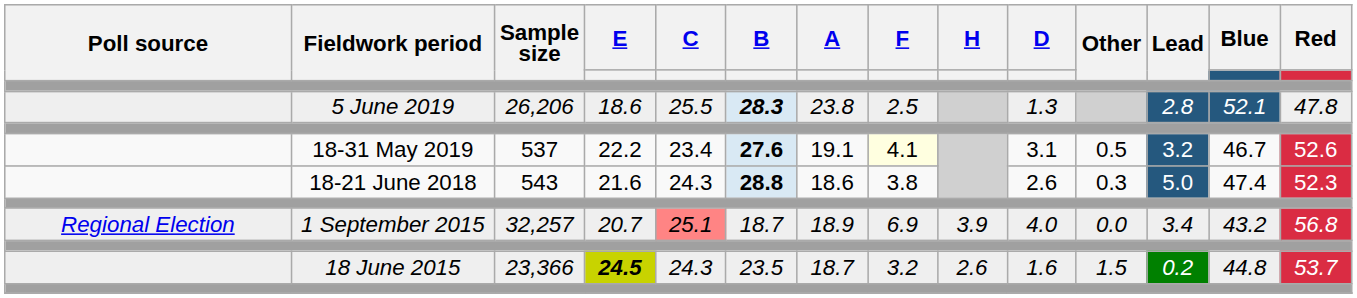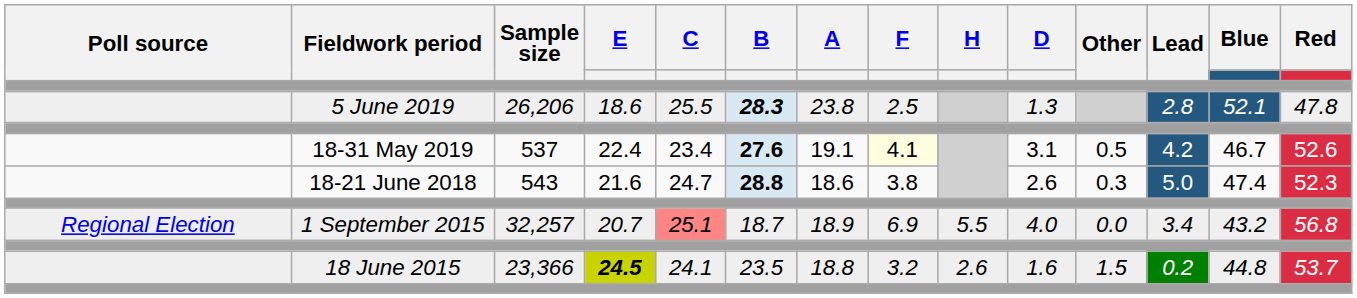 <table class="wikitable sortable" style="text-align:center;font-size:90%;line-height:14px;">
 <tr style="height:42px;">
 <th style="width:190px;" rowspan="2">Poll source</th>
 <th style="width:130px;" rowspan="2">Fieldwork period</th>
 <th style="width:50px;" rowspan="2">Sample size</th>
 <th style="width:40px;"><a href='#'>E</a></th>
 <th style="width:40px;"><a href='#'>C</a></th>
 <th style="width:40px;"><a href='#'>B</a></th>
 <th style="width:40px;"><a href='#'>A</a></th>
 <th style="width:40px;"><a href='#'>F</a></th>
 <th style="width:40px;"><a href='#'>H</a></th>
 <th style="width:40px;"><a href='#'>D</a></th>
 <th style="width:30px;" rowspan="2">Other</th>
 <th style="width:30px;" rowspan="2">Lead</th>
 <th style="width:30px;">Blue</th>
 <th style="width:30px;">Red</th>
 </tr>
 <tr>
 <th style="color:inherit;background:"></th>
 <th style="color:inherit;background:"></th>
 <th style="color:inherit;background:"></th>
 <th style="color:inherit;background:"></th>
 <th style="color:inherit;background:"></th>
 <th style="color:inherit;background:"></th>
 <th style="color:inherit;background:"></th>
 <th style="background:#25587E; width:40px;"></th>
 <th style="background:#DA2C43; width:40px;"></th>
 </tr>
 <tr>
 <td colspan="15" style="background:#A0A0A0"></td>
 </tr>
 <tr style="background:#EFEFEF;">
 <td><em></em></td>
 <td data-sort-value="2019-06-05"><em>5 June 2019</em></td>
 <td><em>26,206</em></td>
 <td><em>18.6</em></td>
 <td><em>25.5</em></td>
 <td align="center" style="background:#D9E9F4"><strong><em>28.3</em></strong></td>
 <td><em>23.8</em></td>
 <td><em>2.5</em></td>
 <td style="background:#D0D0D0; width:1px;"></td>
 <td><em>1.3</em></td>
 <td style="background:#D0D0D0; width:1px;"></td>
 <td style="background:#25587E; color:white;"><em>2.8</em></td>
 <td style="background:#25587E; color:white;"><em>52.1</em></td>
 <td><em>47.8</em></td>
 </tr>
 <tr>
 <td colspan="15" style="background:#A0A0A0"></td>
 </tr>
 <tr>
 <td></td>
 <td data-sort-value="2019-05-31">18-31 May 2019</td>
 <td>537</td>
-<td>22.2</td>
+<td>22.4</td>
 <td>23.4</td>
 <td align="center" style="background:#D9E9F4"><strong>27.6</strong></td>
 <td>19.1</td>
 <td style="background: lightyellow;">4.1</td>
 <td rowspan="2" style="background:#D0D0D0; width:1px;"></td>
 <td>3.1</td>
 <td>0.5</td>
-<td style="background:#25587E; color:white;">3.2</td>
+<td style="background:#25587E; color:white;">4.2</td>
 <td>46.7</td>
 <td style="background:#DA2C43; color:white">52.6</td>
 </tr>
 <tr>
 <td></td>
 <td data-sort-value="2018-06-21">18-21 June 2018</td>
 <td>543</td>
 <td>21.6</td>
-<td>24.3</td>
+<td>24.7</td>
 <td align="center" style="background:#D9E9F4"><strong>28.8</strong></td>
 <td>18.6</td>
 <td>3.8</td>
 <td>2.6</td>
 <td>0.3</td>
 <td style="background:#25587E; color:white;">5.0</td>
 <td>47.4</td>
 <td style="background:#DA2C43; color:white">52.3</td>
 </tr>
 <tr>
 <td colspan="15" style="background:#A0A0A0"></td>
 </tr>
 <tr style="background:#EFEFEF;">
 <td><em><a href='#'>Regional Election</a></em></td>
 <td><em>1 September 2015</em></td>
 <td><em>32,257</em></td>
 <td><em>20.7</em></td>
 <td style="background:#ff8484"><em>25.1</em></td>
 <td><em>18.7</em></td>
 <td><em>18.9</em></td>
 <td><em>6.9</em></td>
-<td><em>3.9</em></td>
+<td><em>5.5</em></td>
 <td><em>4.0</em></td>
 <td><em>0.0</em></td>
 <td style="background:"><em>3.4</em></td>
 <td><em>43.2</em></td>
 <td style="background:#DA2C43; color:white"><em>56.8</em></td>
 </tr>
 <tr>
 <td colspan="15" style="background:#A0A0A0"></td>
 </tr>
 <tr style="background:#EFEFEF;">
 <td><em></em></td>
 <td><em>18 June 2015</em></td>
 <td><em>23,366</em></td>
 <td align="center" style="background:#C8D300"><strong><em>24.5</em></strong></td>
-<td><em>24.3</em></td>
+<td><em>24.1</em></td>
 <td><em>23.5</em></td>
-<td><em>18.7</em></td>
+<td><em>18.8</em></td>
 <td><em>3.2</em></td>
 <td><em>2.6</em></td>
 <td><em>1.6</em></td>
 <td><em>1.5</em></td>
 <td style="background:#008000; color:white;"><em>0.2</em></td>
 <td><em>44.8</em></td>
 <td style="background:#DA2C43; color:white"><em>53.7</em></td>
 </tr>
 <tr>
 <td colspan="15" style="background:#A0A0A0"></td>
 </tr>
 <tr>
 </tr>
 </table>
